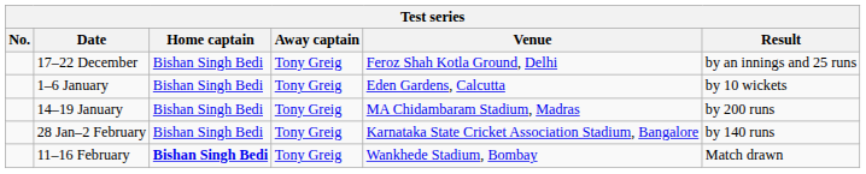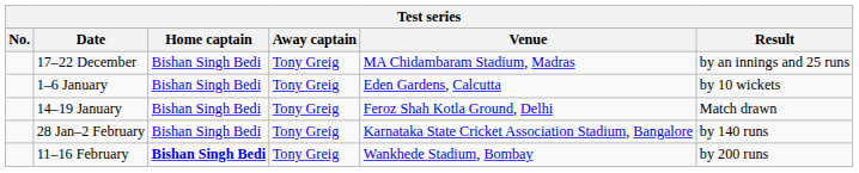 <table class="wikitable">
 <tr>
 <th colspan="9">Test series</th>
 </tr>
 <tr>
 <th>No.</th>
 <th>Date</th>
 <th>Home captain</th>
 <th>Away captain</th>
 <th>Venue</th>
 <th>Result</th>
 </tr>
 <tr>
 <td></td>
 <td>17–22 December</td>
 <td><a href='#'>Bishan Singh Bedi</a></td>
 <td><a href='#'>Tony Greig</a></td>
-<td><a href='#'>Feroz Shah Kotla Ground</a>, <a href='#'>Delhi</a></td>
+<td><a href='#'>MA Chidambaram Stadium</a>, <a href='#'>Madras</a></td>
 <td> by  an innings and 25 runs</td>
 </tr>
 <tr>
 <td></td>
 <td>1–6 January</td>
 <td><a href='#'>Bishan Singh Bedi</a></td>
 <td><a href='#'>Tony Greig</a></td>
 <td><a href='#'>Eden Gardens</a>, <a href='#'>Calcutta</a></td>
 <td> by 10 wickets</td>
 </tr>
 <tr>
 <td></td>
 <td>14–19 January</td>
 <td><a href='#'>Bishan Singh Bedi</a></td>
 <td><a href='#'>Tony Greig</a></td>
-<td><a href='#'>MA Chidambaram Stadium</a>, <a href='#'>Madras</a></td>
-<td> by 200 runs</td>
+<td><a href='#'>Feroz Shah Kotla Ground</a>, <a href='#'>Delhi</a></td>
+<td>Match drawn</td>
 </tr>
 <tr>
 <td></td>
 <td>28 Jan–2 February</td>
 <td><a href='#'>Bishan Singh Bedi</a></td>
 <td><a href='#'>Tony Greig</a></td>
 <td><a href='#'>Karnataka State Cricket Association Stadium</a>, <a href='#'>Bangalore</a></td>
 <td> by 140 runs</td>
 </tr>
 <tr>
 <td></td>
 <td>11–16 February</td>
 <td><strong><a href='#'>Bishan Singh Bedi</a></strong></td>
 <td><a href='#'>Tony Greig</a></td>
 <td><a href='#'>Wankhede Stadium</a>, <a href='#'>Bombay</a></td>
-<td>Match drawn</td>
+<td> by 200 runs</td>
 </tr>
 </table>
